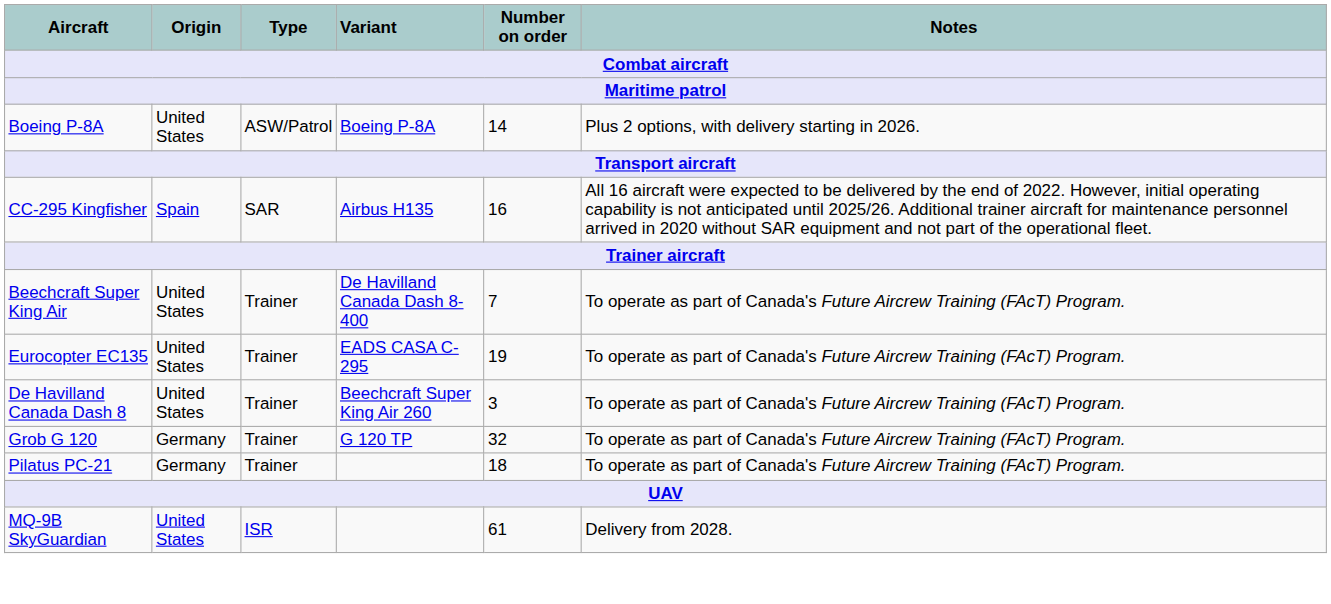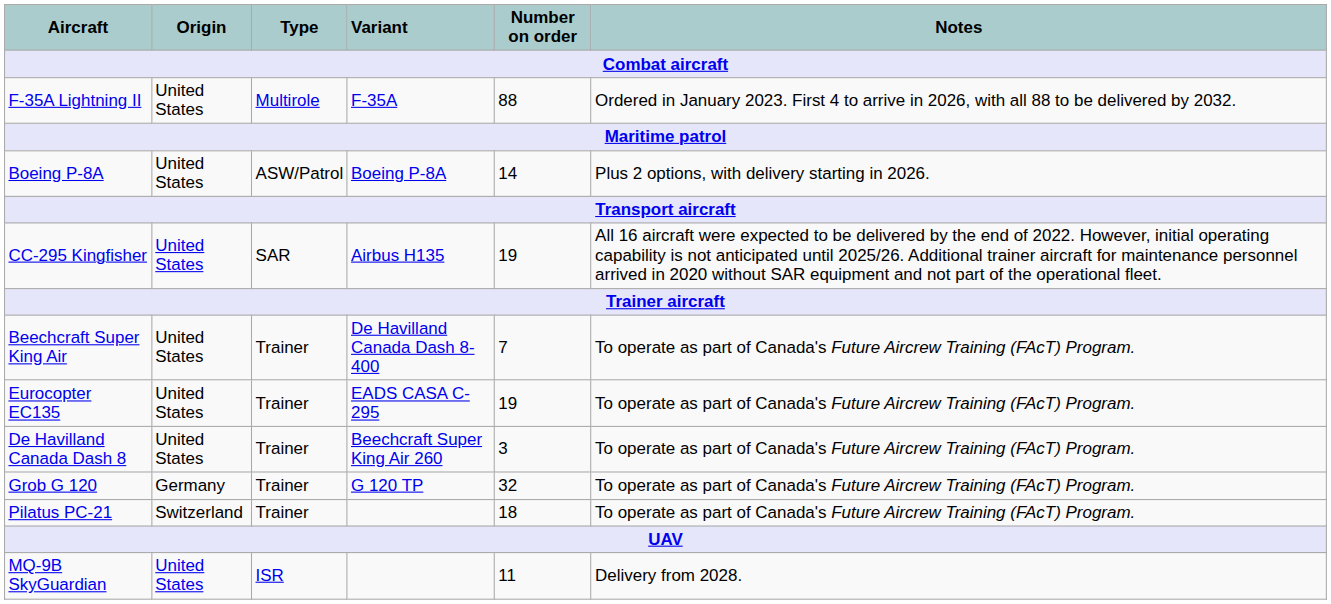 <table class="wikitable">
 <tr>
 <th style="text-align:center; background:#acc;">Aircraft</th>
 <th style="text-align: center; background:#acc;">Origin</th>
 <th style="text-align:l center; background:#acc;">Type</th>
 <th style="text-align:left; background:#acc;">Variant</th>
 <th style="text-align:center; background:#acc;">Number on order</th>
 <th style="text-align: center; background:#acc;">Notes</th>
 </tr>
 <tr>
 <th colspan="6" style="align: center; background: lavender;"><a href='#'>Combat aircraft</a></th>
+</tr>
+<tr>
+<td><a href='#'>F-35A Lightning II</a></td>
+<td>United States</td>
+<td><a href='#'>Multirole</a></td>
+<td><a href='#'>F-35A</a></td>
+<td>88</td>
+<td>Ordered in January 2023. First 4 to arrive in 2026, with all 88 to be delivered by 2032.</td>
 </tr>
 <tr>
 <th colspan="6" style="align: center; background: lavender;"><a href='#'>Maritime patrol</a></th>
 </tr>
 <tr>
 <td><a href='#'>Boeing P-8A</a></td>
 <td>United States</td>
 <td>ASW/Patrol</td>
 <td><a href='#'>Boeing P-8A</a></td>
 <td>14</td>
 <td>Plus 2 options, with delivery starting in 2026.</td>
 </tr>
 <tr>
 <th colspan="6" style="align: center; background: lavender;"><a href='#'>Transport aircraft</a></th>
 </tr>
 <tr>
 <td><a href='#'>CC-295 Kingfisher</a></td>
-<td><a href='#'>Spain</a></td>
+<td><a href='#'>United States</a></td>
 <td>SAR</td>
 <td><a href='#'>Airbus H135</a></td>
-<td>16</td>
+<td>19</td>
 <td>All 16 aircraft were expected to be delivered by the end of 2022. However, initial operating capability is not anticipated until 2025/26. Additional trainer aircraft for maintenance personnel arrived in 2020 without SAR equipment and not part of the operational fleet.</td>
 </tr>
 <tr>
 <th colspan="6" style="align: center; background: lavender;"><a href='#'>Trainer aircraft</a></th>
 </tr>
 <tr>
 <td><a href='#'>Beechcraft Super King Air</a></td>
 <td>United States</td>
 <td>Trainer</td>
 <td><a href='#'>De Havilland Canada Dash 8-400</a></td>
 <td>7</td>
 <td>To operate as part of Canada's <em>Future Aircrew Training (FAcT) Program.</em></td>
 </tr>
 <tr>
 <td><a href='#'>Eurocopter EC135</a></td>
 <td>United States</td>
 <td>Trainer</td>
 <td><a href='#'>EADS CASA C-295</a></td>
 <td>19</td>
 <td>To operate as part of Canada's <em>Future Aircrew Training (FAcT) Program.</em></td>
 </tr>
 <tr>
 <td><a href='#'>De Havilland Canada Dash 8</a></td>
 <td>United States</td>
 <td>Trainer</td>
 <td><a href='#'>Beechcraft Super King Air 260</a></td>
 <td>3</td>
 <td>To operate as part of Canada's <em>Future Aircrew Training (FAcT) Program.</em></td>
 </tr>
 <tr>
 <td><a href='#'>Grob G 120</a></td>
 <td>Germany</td>
 <td>Trainer</td>
 <td><a href='#'>G 120 TP</a></td>
 <td>32</td>
 <td>To operate as part of Canada's <em>Future Aircrew Training (FAcT) Program.</em></td>
 </tr>
 <tr>
 <td><a href='#'>Pilatus PC-21</a></td>
-<td>Germany</td>
+<td>Switzerland</td>
 <td>Trainer</td>
 <td></td>
 <td>18</td>
 <td>To operate as part of Canada's <em>Future Aircrew Training (FAcT) Program.</em></td>
 </tr>
 <tr>
 <th colspan="6" style="align: center; background: lavender;"><a href='#'>UAV</a></th>
 </tr>
 <tr>
 <td><a href='#'>MQ-9B SkyGuardian</a></td>
 <td><a href='#'>United States</a></td>
 <td><a href='#'>ISR</a></td>
 <td></td>
-<td>61</td>
+<td>11</td>
 <td>Delivery from 2028.</td>
 </tr>
 </table>
